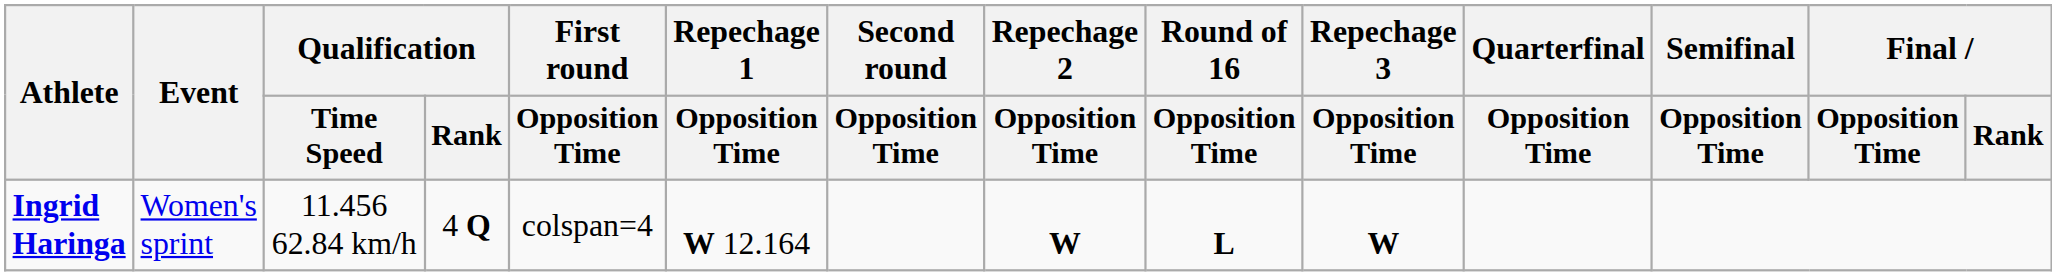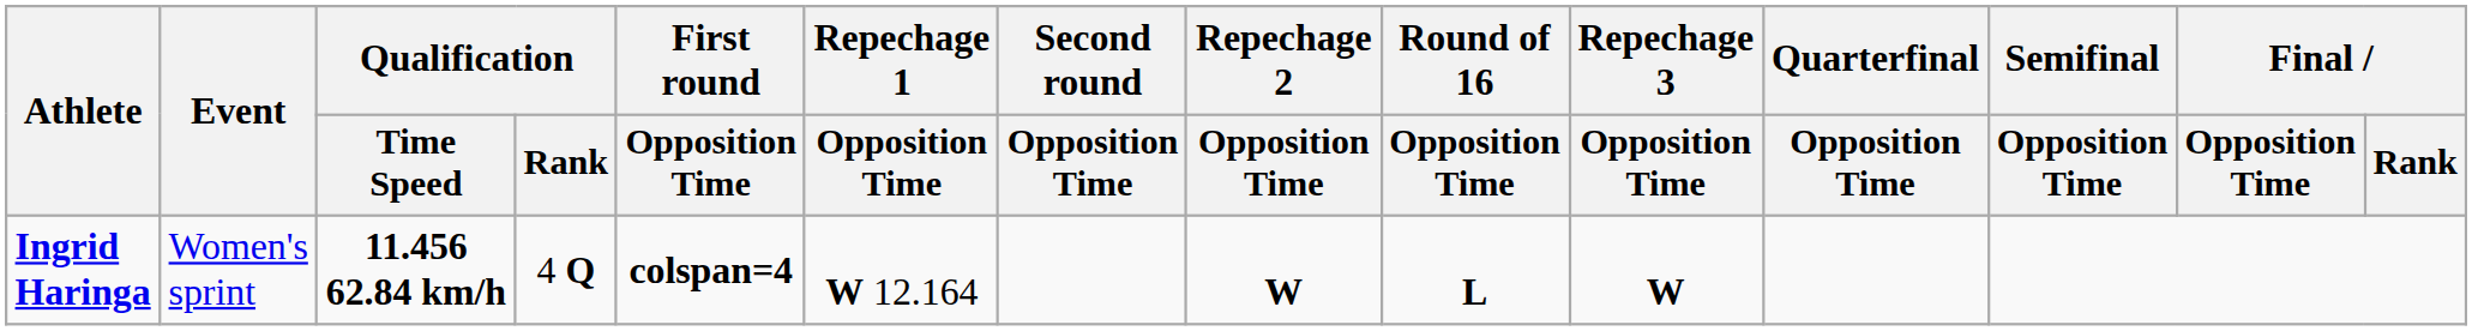 <table class=wikitable style=font-size:90%;text-align:center>
 <tr>
 <th rowspan=2>Athlete</th>
 <th rowspan=2>Event</th>
 <th colspan=2>Qualification</th>
 <th>First round</th>
 <th>Repechage 1</th>
 <th>Second round</th>
 <th>Repechage 2</th>
 <th>Round of 16</th>
 <th>Repechage 3</th>
 <th>Quarterfinal</th>
 <th>Semifinal</th>
 <th colspan=2>Final / </th>
 </tr>
 <tr style=font-size:95%>
 <th>Time<br>Speed</th>
 <th>Rank</th>
 <th>Opposition<br>Time</th>
 <th>Opposition<br>Time</th>
 <th>Opposition<br>Time</th>
 <th>Opposition<br>Time</th>
 <th>Opposition<br>Time</th>
 <th>Opposition<br>Time</th>
 <th>Opposition<br>Time</th>
 <th>Opposition<br>Time</th>
 <th>Opposition<br>Time</th>
 <th>Rank</th>
 </tr>
 <tr>
 <td align=left><strong><a href='#'>Ingrid Haringa</a></strong></td>
 <td align=left rowspan=2><a href='#'>Women's sprint</a></td>
-<td>11.456<br>62.84 km/h</td>
+<td><strong>11.456<br>62.84 km/h</strong></td>
 <td>4 <strong>Q</strong></td>
-<td>colspan=4 </td>
+<td><strong>colspan=4 </strong></td>
 <td><br><strong>W</strong> 12.164</td>
 <td></td>
 <td><br><strong>W</strong></td>
 <td><br><strong>L</strong></td>
 <td><br><strong>W</strong></td>
 <td></td>
 </tr>
 </table>
